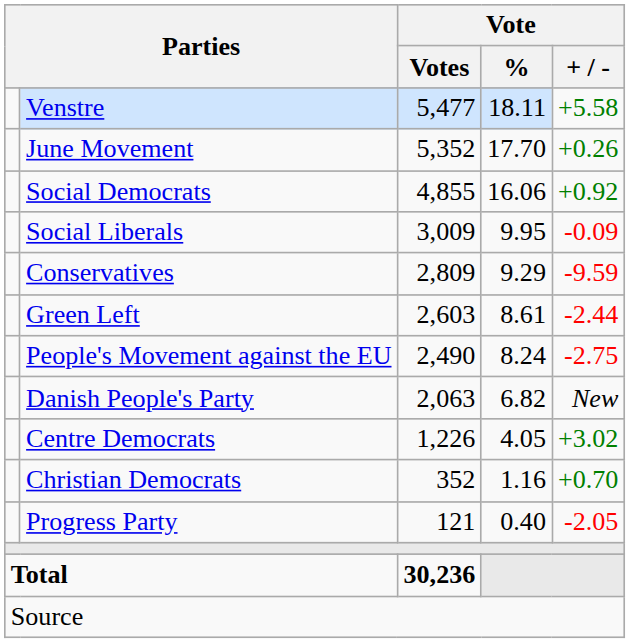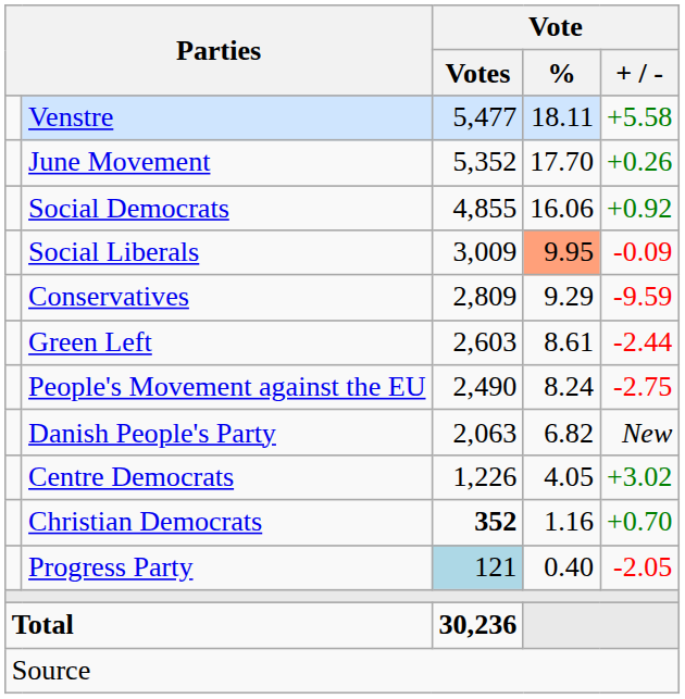 <table class="wikitable" style="text-align:right;">
 <tr>
 <th style="text-align:centre;" rowspan="2" colspan="2" width="225">Parties</th>
 <th colspan="3">Vote</th>
 </tr>
 <tr>
 <th width="15">Votes</th>
 <th width="15">%</th>
 <th width="15">+ / -</th>
 </tr>
 <tr>
 <td width="2" style="color:inherit;background:"></td>
 <td bgcolor=#cfe5fe   align="left"><a href='#'>Venstre</a></td>
 <td bgcolor=#cfe5fe>5,477</td>
 <td bgcolor=#cfe5fe>18.11</td>
 <td style=color:green;>+5.58</td>
 </tr>
 <tr>
 <td width="2" style="color:inherit;background:"></td>
 <td align="left"><a href='#'>June Movement</a></td>
 <td>5,352</td>
 <td>17.70</td>
 <td style=color:green;>+0.26</td>
 </tr>
 <tr>
 <td width="2" style="color:inherit;background:"></td>
 <td align="left"><a href='#'>Social Democrats</a></td>
 <td>4,855</td>
 <td>16.06</td>
 <td style=color:green;>+0.92</td>
 </tr>
 <tr>
 <td width="2" style="color:inherit;background:"></td>
 <td align="left"><a href='#'>Social Liberals</a></td>
 <td>3,009</td>
-<td>9.95</td>
+<td style="background: lightsalmon;">9.95</td>
 <td style=color:red;>-0.09</td>
 </tr>
 <tr>
 <td width="2" style="color:inherit;background:"></td>
 <td align="left"><a href='#'>Conservatives</a></td>
 <td>2,809</td>
 <td>9.29</td>
 <td style=color:red;>-9.59</td>
 </tr>
 <tr>
 <td width="2" style="color:inherit;background:"></td>
 <td align="left"><a href='#'>Green Left</a></td>
 <td>2,603</td>
 <td>8.61</td>
 <td style=color:red;>-2.44</td>
 </tr>
 <tr>
 <td width="2" style="color:inherit;background:"></td>
 <td align="left"><a href='#'>People's Movement against the EU</a></td>
 <td>2,490</td>
 <td>8.24</td>
 <td style=color:red;>-2.75</td>
 </tr>
 <tr>
 <td width="2" style="color:inherit;background:"></td>
 <td align="left"><a href='#'>Danish People's Party</a></td>
 <td>2,063</td>
 <td>6.82</td>
 <td><em>New</em></td>
 </tr>
 <tr>
 <td width="2" style="color:inherit;background:"></td>
 <td align="left"><a href='#'>Centre Democrats</a></td>
 <td>1,226</td>
 <td>4.05</td>
 <td style=color:green;>+3.02</td>
 </tr>
 <tr>
 <td width="2" style="color:inherit;background:"></td>
 <td align="left"><a href='#'>Christian Democrats</a></td>
-<td>352</td>
+<td><strong>352</strong></td>
 <td>1.16</td>
 <td style=color:green;>+0.70</td>
 </tr>
 <tr>
 <td width="2" style="color:inherit;background:"></td>
 <td align="left"><a href='#'>Progress Party</a></td>
-<td>121</td>
+<td style="background: lightblue;">121</td>
 <td>0.40</td>
 <td style=color:red;>-2.05</td>
 </tr>
 <tr>
 <td colspan="7" bgcolor="#E9E9E9"></td>
 </tr>
 <tr>
 <td align="left" colspan="2"><strong>Total</strong></td>
 <td><strong>30,236</strong></td>
 <td bgcolor="#E9E9E9" colspan="2"></td>
 </tr>
 <tr>
 <td align="left" colspan="6">Source</td>
 </tr>
 </table>
